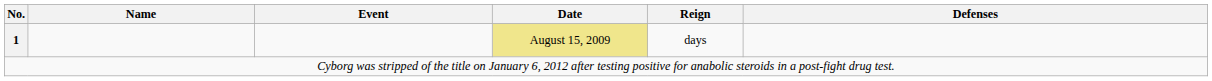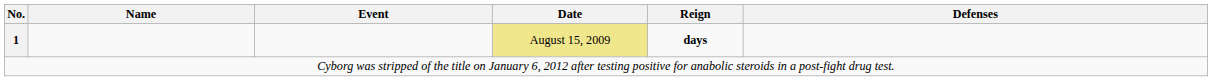 <table class="wikitable" width=100% style="text-align: center;">
 <tr>
 <th width=1%>No.</th>
 <th width=19%>Name</th>
 <th width=20%>Event</th>
 <th width=13%>Date</th>
 <th width=8%>Reign</th>
 <th width=47%>Defenses</th>
 </tr>
 <tr>
 <th>1</th>
 <td align=left><br></td>
 <td><br></td>
 <td style="background: khaki;">August 15, 2009</td>
-<td> days</td>
+<td><strong> days</strong></td>
 <td align=left><br><br></td>
 </tr>
 <tr>
 <td align=center colspan=6><em>Cyborg was stripped of the title on January 6, 2012 after testing positive for anabolic steroids in a post-fight drug test.</em></td>
 </tr>
 </table>
